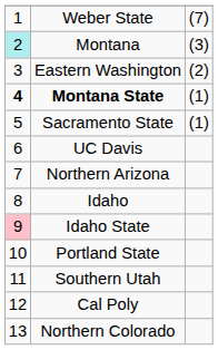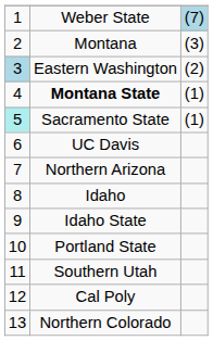 <table class="wikitable" style="display: inline-table;">
 <tr align="center">
 </tr>
 <tr align="center">
 <td>1</td>
 <td>Weber State</td>
-<td>(7)</td>
+<td style="background: lightblue;">(7)</td>
 </tr>
 <tr align="center">
-<td style="background: paleturquoise;">2</td>
+<td>2</td>
 <td>Montana</td>
 <td>(3)</td>
 </tr>
 <tr align="center">
-<td>3</td>
+<td style="background: lightblue;">3</td>
 <td>Eastern Washington</td>
 <td>(2)</td>
 </tr>
 <tr align="center">
-<td><strong>4</strong></td>
+<td>4</td>
 <td><strong>Montana State</strong></td>
 <td>(1)</td>
 </tr>
 <tr align="center">
-<td>5</td>
+<td style="background: paleturquoise;">5</td>
 <td>Sacramento State</td>
 <td>(1)</td>
 </tr>
 <tr align="center">
 <td>6</td>
 <td>UC Davis</td>
 <td></td>
 </tr>
 <tr align="center">
 <td>7</td>
 <td>Northern Arizona</td>
 <td></td>
 </tr>
 <tr align="center">
 <td>8</td>
 <td>Idaho</td>
 <td></td>
 </tr>
 <tr align="center">
-<td style="background: pink;">9</td>
+<td>9</td>
 <td>Idaho State</td>
 <td></td>
 </tr>
 <tr align="center">
 <td>10</td>
 <td>Portland State</td>
 <td></td>
 </tr>
 <tr align="center">
 <td>11</td>
 <td>Southern Utah</td>
 <td></td>
 </tr>
 <tr align="center">
 <td>12</td>
 <td>Cal Poly</td>
 <td></td>
 </tr>
 <tr align="center">
 <td>13</td>
 <td>Northern Colorado</td>
 <td></td>
 </tr>
 </table>
